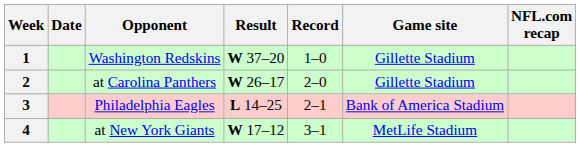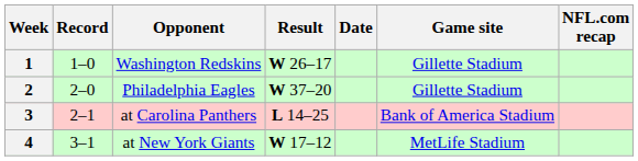 <table class="wikitable" style="text-align:center">
 <tr>
 <th>Week</th>
-<th>Date</th>
+<th>Record</th>
 <th>Opponent</th>
 <th>Result</th>
-<th>Record</th>
+<th>Date</th>
 <th>Game site</th>
 <th>NFL.com<br>recap</th>
 </tr>
 <tr style="background:#cfc">
 <th>1</th>
+<td>1–0</td>
+<td><a href='#'>Washington Redskins</a></td>
+<td><strong>W</strong> 26–17</td>
 <td></td>
-<td><a href='#'>Washington Redskins</a></td>
-<td><strong>W</strong> 37–20</td>
-<td>1–0</td>
 <td><a href='#'>Gillette Stadium</a></td>
 <td></td>
 </tr>
 <tr style="background:#cfc">
 <th>2</th>
+<td>2–0</td>
+<td><a href='#'>Philadelphia Eagles</a></td>
+<td><strong>W</strong> 37–20</td>
 <td></td>
-<td>at <a href='#'>Carolina Panthers</a></td>
-<td><strong>W</strong> 26–17</td>
-<td>2–0</td>
 <td><a href='#'>Gillette Stadium</a></td>
 <td></td>
 </tr>
 <tr style="background:#fcc">
 <th>3</th>
+<td>2–1</td>
+<td>at <a href='#'>Carolina Panthers</a></td>
+<td><strong>L</strong> 14–25</td>
 <td></td>
-<td><a href='#'>Philadelphia Eagles</a></td>
-<td><strong>L</strong> 14–25</td>
-<td>2–1</td>
 <td><a href='#'>Bank of America Stadium</a></td>
 <td></td>
 </tr>
 <tr style="background:#cfc">
 <th>4</th>
-<td></td>
+<td>3–1</td>
 <td>at <a href='#'>New York Giants</a></td>
 <td><strong>W</strong> 17–12</td>
-<td>3–1</td>
+<td></td>
 <td><a href='#'>MetLife Stadium</a></td>
 <td></td>
 </tr>
 </table>
